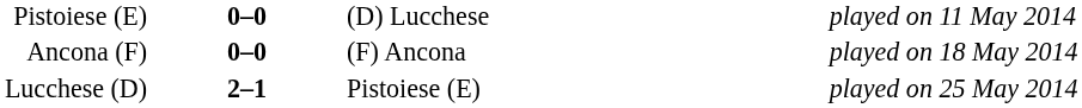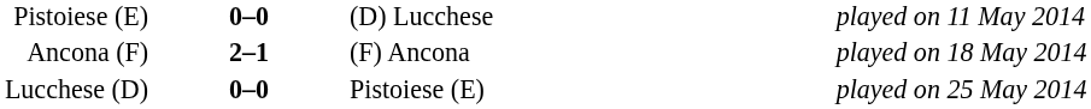 <table width="100%" cellspacing="1">
 <tr>
 <th width="30%"></th>
 <th width="12%"></th>
 <th width="30%"></th>
 <th width="30%'"></th>
 <th></th>
 </tr>
 <tr style="font-size:90%;">
 <td align="right">Pistoiese (E)</td>
 <td align="center"><strong>0–0</strong></td>
 <td align="left">(D) Lucchese</td>
 <td align="left"><em>played on 11 May 2014</em></td>
 </tr>
 <tr style="font-size:90%;">
 <td align="right">Ancona (F)</td>
-<td align="center"><strong>0–0</strong></td>
+<td align="center"><strong>2–1</strong></td>
 <td align="left">(F) Ancona</td>
 <td align="left"><em>played on 18 May 2014</em></td>
 </tr>
 <tr style="font-size:90%;">
 <td align="right">Lucchese (D)</td>
-<td align="center"><strong>2–1</strong></td>
+<td align="center"><strong>0–0</strong></td>
 <td align="left">Pistoiese (E)</td>
 <td align="left"><em>played on 25 May 2014</em></td>
 </tr>
 </table>
